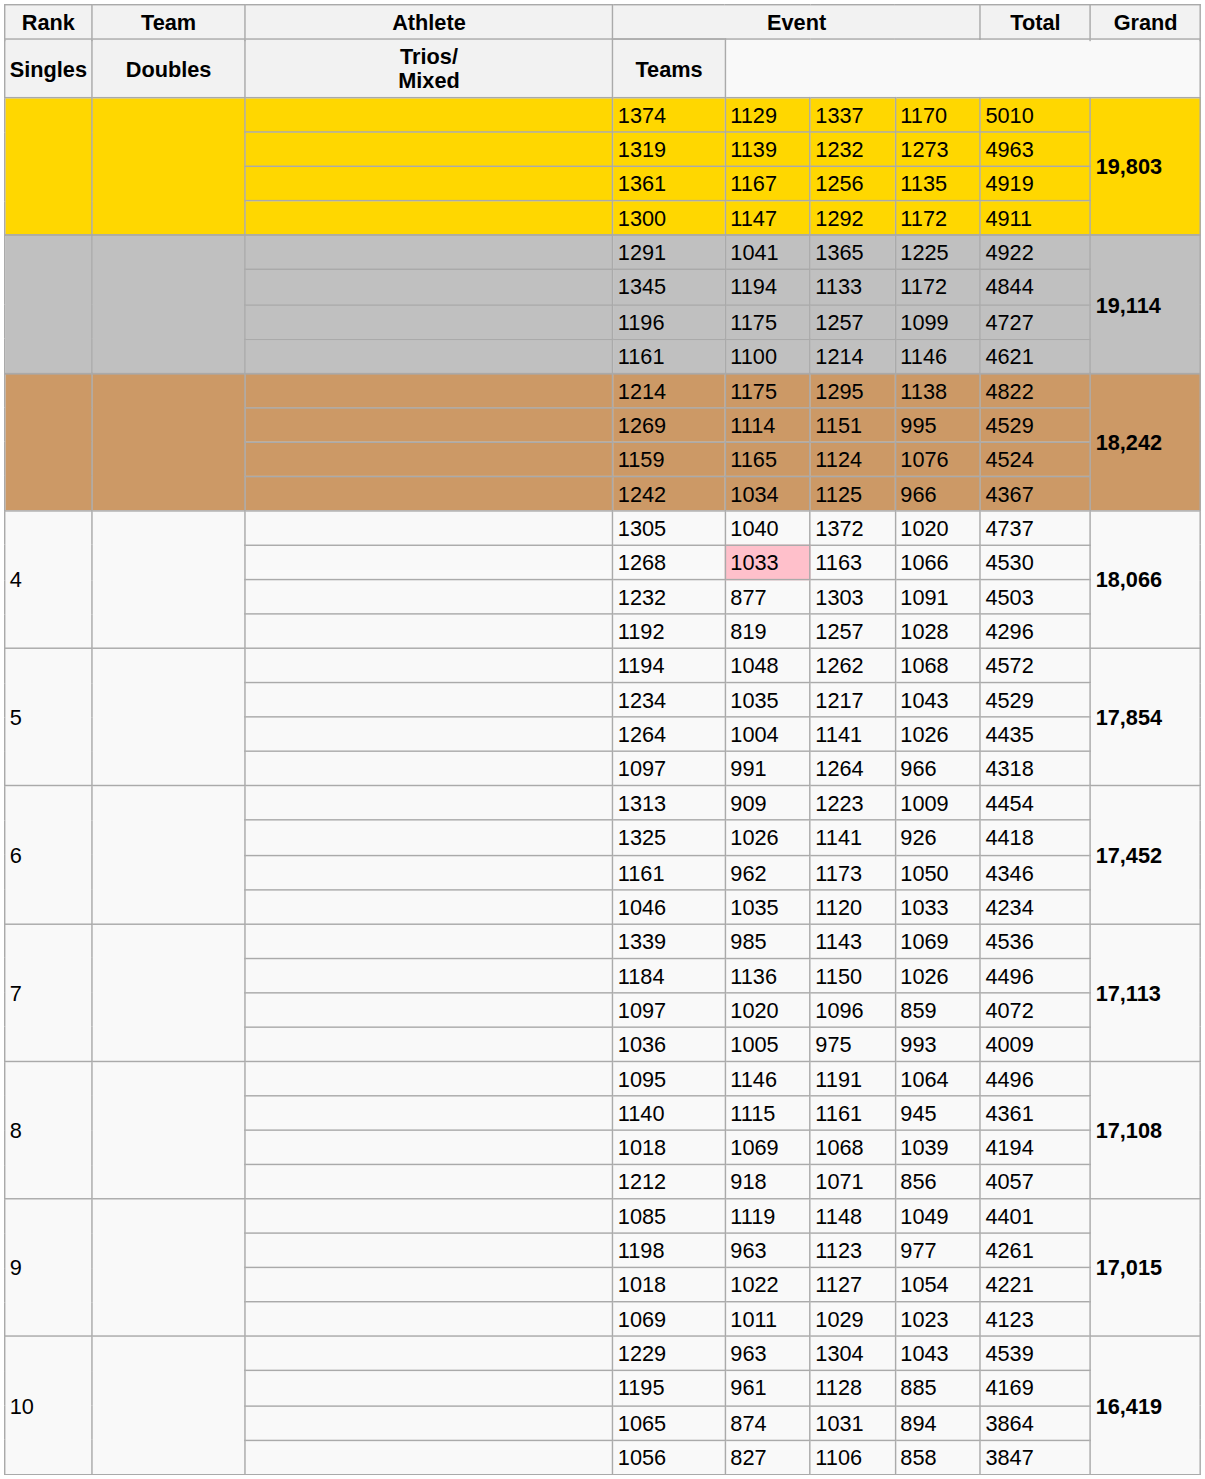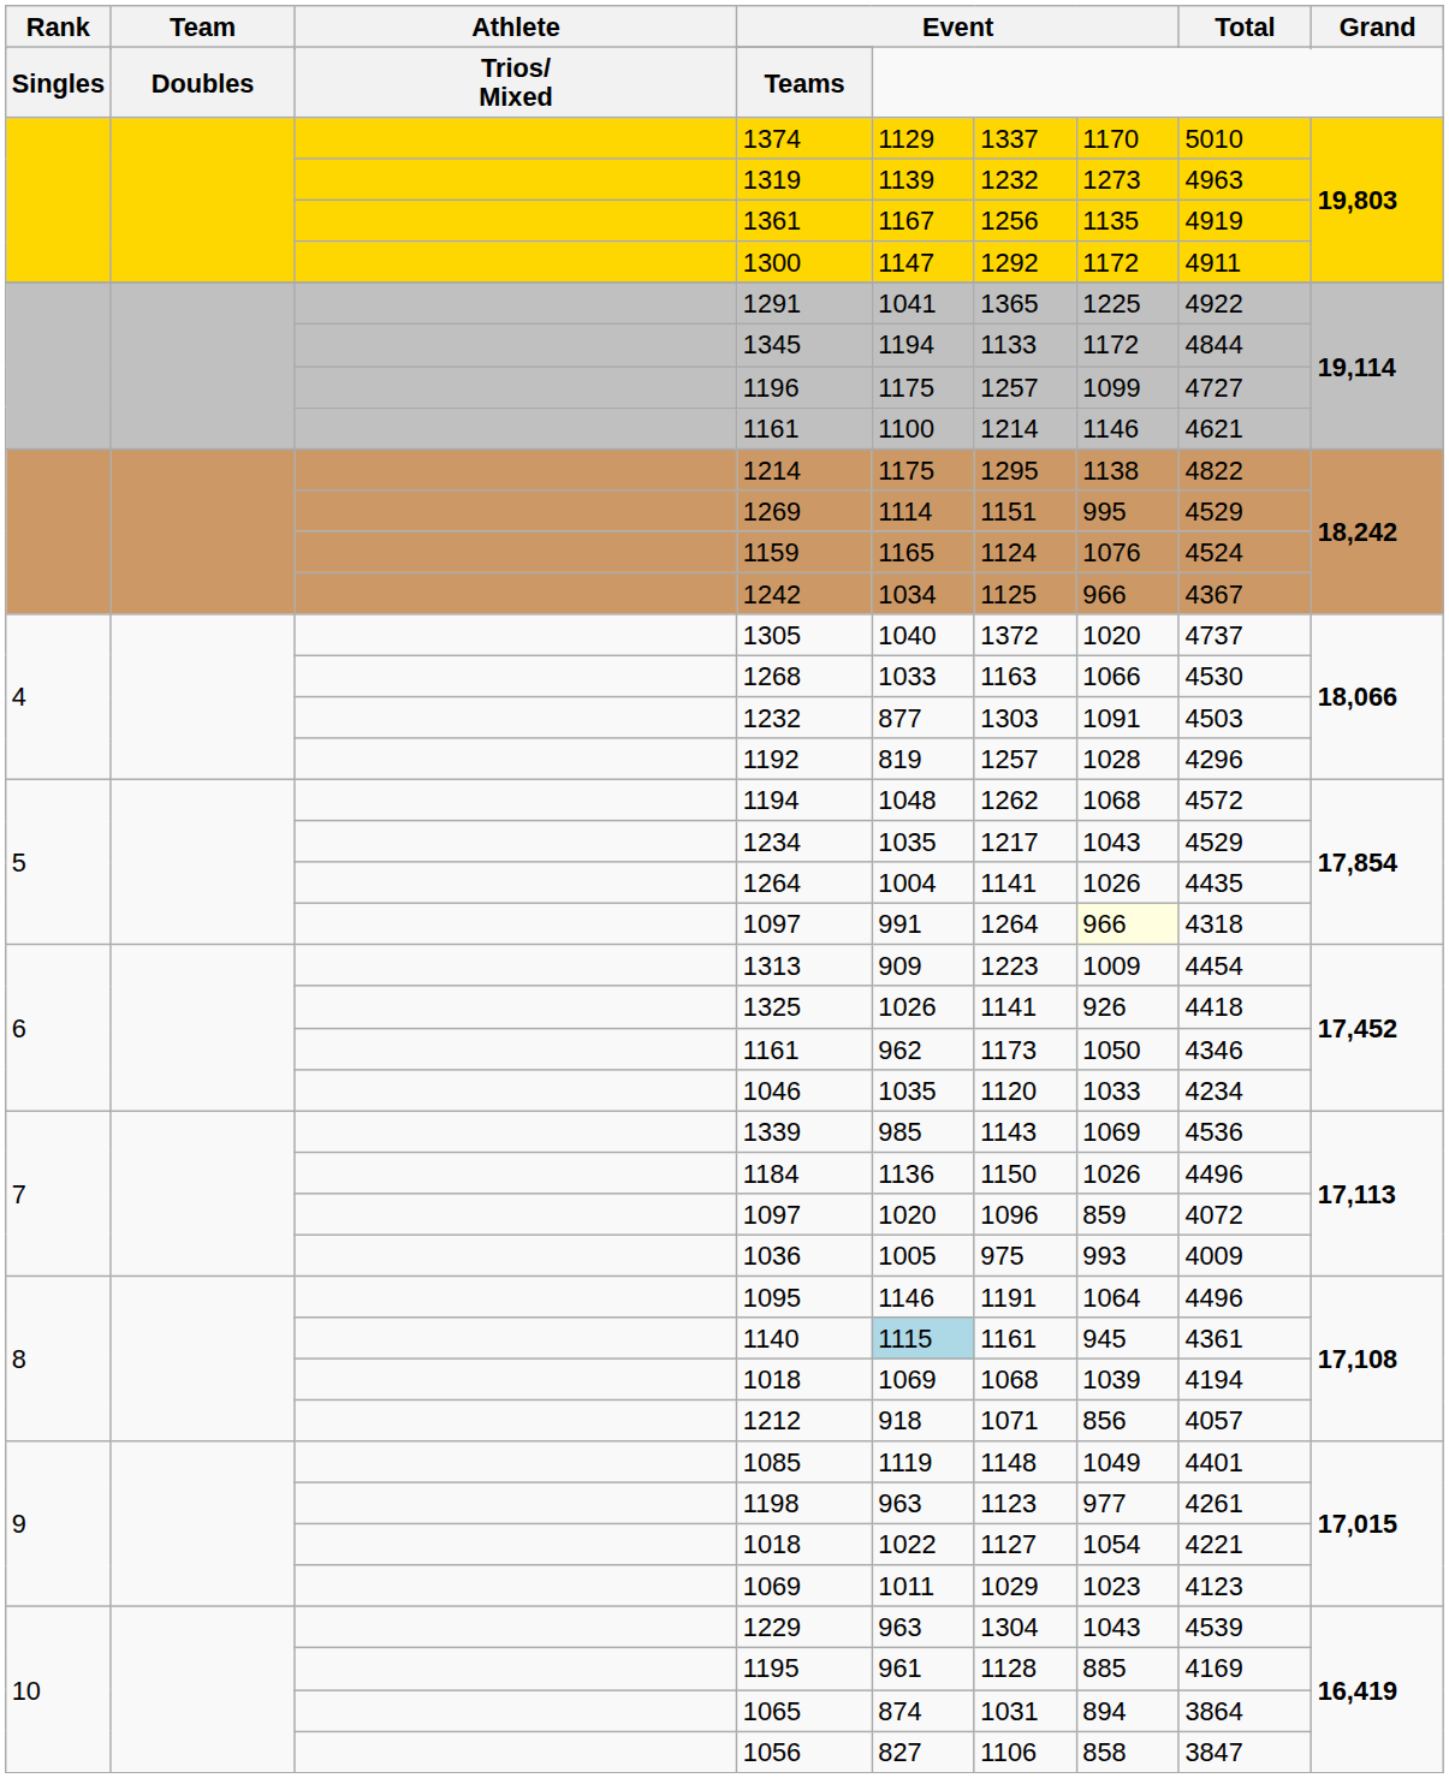 <table class="wikitable" style="font-size:95%" style="width:35em;" style="text-align:center">
 <tr>
 <th rowspan=2>Rank</th>
 <th rowspan=2 width=100>Team</th>
 <th rowspan=2 width=250>Athlete</th>
 <th colspan=4 width=250>Event</th>
 <th rowspan=2 width=70>Total</th>
 <th rowspan=2 width=70>Grand</th>
 </tr>
 <tr>
 </tr>
 <tr>
 <th>Singles</th>
 <th>Doubles</th>
 <th>Trios/<br>Mixed</th>
 <th>Teams</th>
 </tr>
 <tr bgcolor=gold>
 <td rowspan=4></td>
 <td rowspan=4 align=left></td>
 <td align=left></td>
 <td>1374</td>
 <td>1129</td>
 <td>1337</td>
 <td>1170</td>
 <td>5010</td>
 <td rowspan=4><strong>19,803</strong></td>
 </tr>
 <tr bgcolor=gold>
 <td align=left></td>
 <td>1319</td>
 <td>1139</td>
 <td>1232</td>
 <td>1273</td>
 <td>4963</td>
 </tr>
 <tr bgcolor=gold>
 <td align=left></td>
 <td>1361</td>
 <td>1167</td>
 <td>1256</td>
 <td>1135</td>
 <td>4919</td>
 </tr>
 <tr bgcolor=gold>
 <td align=left></td>
 <td>1300</td>
 <td>1147</td>
 <td>1292</td>
 <td>1172</td>
 <td>4911</td>
 </tr>
 <tr>
 </tr>
 <tr bgcolor=silver>
 <td rowspan=4></td>
 <td rowspan=4 align=left></td>
 <td align=left></td>
 <td>1291</td>
 <td>1041</td>
 <td>1365</td>
 <td>1225</td>
 <td>4922</td>
 <td rowspan=4><strong>19,114</strong></td>
 </tr>
 <tr bgcolor=silver>
 <td align=left></td>
 <td>1345</td>
 <td>1194</td>
 <td>1133</td>
 <td>1172</td>
 <td>4844</td>
 </tr>
 <tr bgcolor=silver>
 <td align=left></td>
 <td>1196</td>
 <td>1175</td>
 <td>1257</td>
 <td>1099</td>
 <td>4727</td>
 </tr>
 <tr bgcolor=silver>
 <td align=left></td>
 <td>1161</td>
 <td>1100</td>
 <td>1214</td>
 <td>1146</td>
 <td>4621</td>
 </tr>
 <tr>
 </tr>
 <tr bgcolor=cc9966>
 <td rowspan=4></td>
 <td rowspan=4 align=left></td>
 <td align=left></td>
 <td>1214</td>
 <td>1175</td>
 <td>1295</td>
 <td>1138</td>
 <td>4822</td>
 <td rowspan=4><strong>18,242</strong></td>
 </tr>
 <tr bgcolor=cc9966>
 <td align=left></td>
 <td>1269</td>
 <td>1114</td>
 <td>1151</td>
 <td>995</td>
 <td>4529</td>
 </tr>
 <tr bgcolor=cc9966>
 <td align=left></td>
 <td>1159</td>
 <td>1165</td>
 <td>1124</td>
 <td>1076</td>
 <td>4524</td>
 </tr>
 <tr bgcolor=cc9966>
 <td align=left></td>
 <td>1242</td>
 <td>1034</td>
 <td>1125</td>
 <td>966</td>
 <td>4367</td>
 </tr>
 <tr>
 <td rowspan=4>4</td>
 <td rowspan=4 align=left></td>
 <td align=left></td>
 <td>1305</td>
 <td>1040</td>
 <td>1372</td>
 <td>1020</td>
 <td>4737</td>
 <td rowspan=4><strong>18,066</strong></td>
 </tr>
 <tr>
 <td align=left></td>
 <td>1268</td>
-<td style="background: pink;">1033</td>
+<td>1033</td>
 <td>1163</td>
 <td>1066</td>
 <td>4530</td>
 </tr>
 <tr>
 <td align=left></td>
 <td>1232</td>
 <td>877</td>
 <td>1303</td>
 <td>1091</td>
 <td>4503</td>
 </tr>
 <tr>
 <td align=left></td>
 <td>1192</td>
 <td>819</td>
 <td>1257</td>
 <td>1028</td>
 <td>4296</td>
 </tr>
 <tr>
 <td rowspan=4>5</td>
 <td rowspan=4 align=left></td>
 <td align=left></td>
 <td>1194</td>
 <td>1048</td>
 <td>1262</td>
 <td>1068</td>
 <td>4572</td>
 <td rowspan=4><strong>17,854</strong></td>
 </tr>
 <tr>
 <td align=left></td>
 <td>1234</td>
 <td>1035</td>
 <td>1217</td>
 <td>1043</td>
 <td>4529</td>
 </tr>
 <tr>
 <td align=left></td>
 <td>1264</td>
 <td>1004</td>
 <td>1141</td>
 <td>1026</td>
 <td>4435</td>
 </tr>
 <tr>
 <td align=left></td>
 <td>1097</td>
 <td>991</td>
 <td>1264</td>
-<td>966</td>
+<td style="background: lightyellow;">966</td>
 <td>4318</td>
 </tr>
 <tr>
 <td rowspan=4>6</td>
 <td rowspan=4 align=left></td>
 <td align=left></td>
 <td>1313</td>
 <td>909</td>
 <td>1223</td>
 <td>1009</td>
 <td>4454</td>
 <td rowspan=4><strong>17,452</strong></td>
 </tr>
 <tr>
 <td align=left></td>
 <td>1325</td>
 <td>1026</td>
 <td>1141</td>
 <td>926</td>
 <td>4418</td>
 </tr>
 <tr>
 <td align=left></td>
 <td>1161</td>
 <td>962</td>
 <td>1173</td>
 <td>1050</td>
 <td>4346</td>
 </tr>
 <tr>
 <td align=left></td>
 <td>1046</td>
 <td>1035</td>
 <td>1120</td>
 <td>1033</td>
 <td>4234</td>
 </tr>
 <tr>
 <td rowspan=4>7</td>
 <td rowspan=4 align=left></td>
 <td align=left></td>
 <td>1339</td>
 <td>985</td>
 <td>1143</td>
 <td>1069</td>
 <td>4536</td>
 <td rowspan=4><strong>17,113</strong></td>
 </tr>
 <tr>
 <td align=left></td>
 <td>1184</td>
 <td>1136</td>
 <td>1150</td>
 <td>1026</td>
 <td>4496</td>
 </tr>
 <tr>
 <td align=left></td>
 <td>1097</td>
 <td>1020</td>
 <td>1096</td>
 <td>859</td>
 <td>4072</td>
 </tr>
 <tr>
 <td align=left></td>
 <td>1036</td>
 <td>1005</td>
 <td>975</td>
 <td>993</td>
 <td>4009</td>
 </tr>
 <tr>
 <td rowspan=4>8</td>
 <td rowspan=4 align=left></td>
 <td align=left></td>
 <td>1095</td>
 <td>1146</td>
 <td>1191</td>
 <td>1064</td>
 <td>4496</td>
 <td rowspan=4><strong>17,108</strong></td>
 </tr>
 <tr>
 <td align=left></td>
 <td>1140</td>
-<td>1115</td>
+<td style="background: lightblue;">1115</td>
 <td>1161</td>
 <td>945</td>
 <td>4361</td>
 </tr>
 <tr>
 <td align=left></td>
 <td>1018</td>
 <td>1069</td>
 <td>1068</td>
 <td>1039</td>
 <td>4194</td>
 </tr>
 <tr>
 <td align=left></td>
 <td>1212</td>
 <td>918</td>
 <td>1071</td>
 <td>856</td>
 <td>4057</td>
 </tr>
 <tr>
 <td rowspan=4>9</td>
 <td rowspan=4 align=left></td>
 <td align=left></td>
 <td>1085</td>
 <td>1119</td>
 <td>1148</td>
 <td>1049</td>
 <td>4401</td>
 <td rowspan=4><strong>17,015</strong></td>
 </tr>
 <tr>
 <td align=left></td>
 <td>1198</td>
 <td>963</td>
 <td>1123</td>
 <td>977</td>
 <td>4261</td>
 </tr>
 <tr>
 <td align=left></td>
 <td>1018</td>
 <td>1022</td>
 <td>1127</td>
 <td>1054</td>
 <td>4221</td>
 </tr>
 <tr>
 <td align=left></td>
 <td>1069</td>
 <td>1011</td>
 <td>1029</td>
 <td>1023</td>
 <td>4123</td>
 </tr>
 <tr>
 <td rowspan=4>10</td>
 <td rowspan=4 align=left></td>
 <td align=left></td>
 <td>1229</td>
 <td>963</td>
 <td>1304</td>
 <td>1043</td>
 <td>4539</td>
 <td rowspan=4><strong>16,419</strong></td>
 </tr>
 <tr>
 <td align=left></td>
 <td>1195</td>
 <td>961</td>
 <td>1128</td>
 <td>885</td>
 <td>4169</td>
 </tr>
 <tr>
 <td align=left></td>
 <td>1065</td>
 <td>874</td>
 <td>1031</td>
 <td>894</td>
 <td>3864</td>
 </tr>
 <tr>
 <td align=left></td>
 <td>1056</td>
 <td>827</td>
 <td>1106</td>
 <td>858</td>
 <td>3847</td>
 </tr>
 <tr>
 </tr>
 </table>
